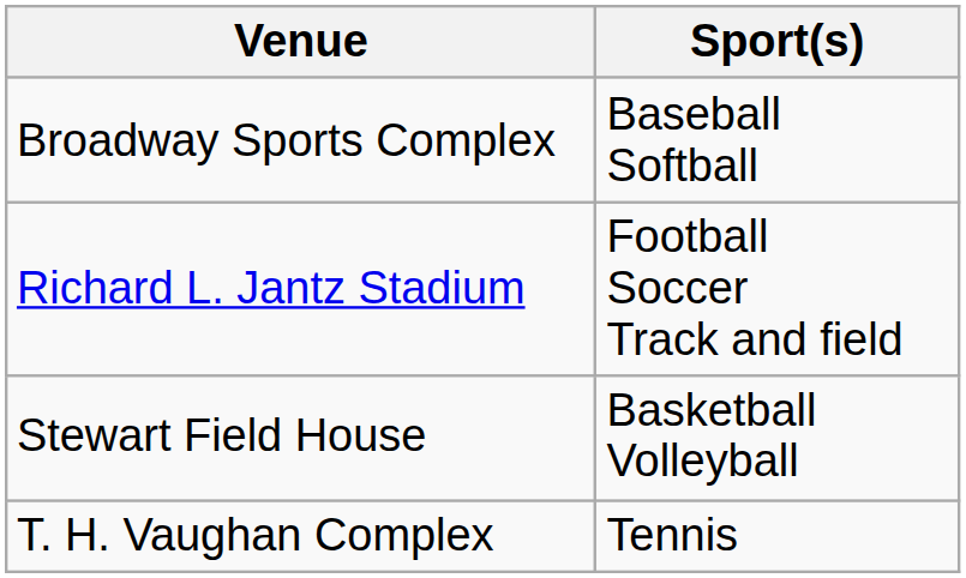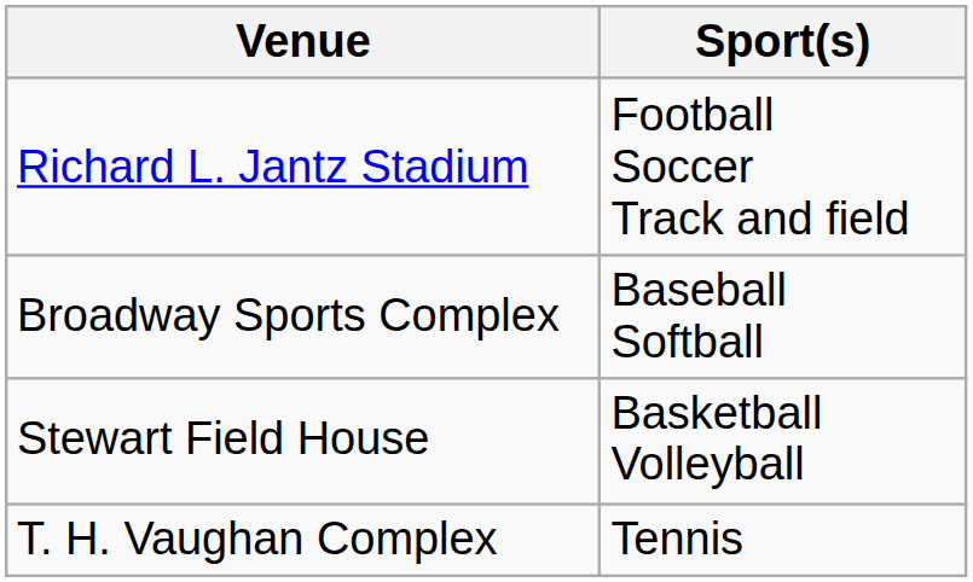 <table class="wikitable"; style= "text-align: ">
 <tr>
 <th width=200px>Venue</th>
 <th width=120px>Sport(s)</th>
 </tr>
 <tr>
+<td><a href='#'>Richard L. Jantz Stadium</a></td>
+<td>Football <br> Soccer <br> Track and field</td>
+</tr>
+<tr>
 <td>Broadway Sports Complex</td>
 <td>Baseball <br> Softball</td>
-</tr>
-<tr>
-<td><a href='#'>Richard L. Jantz Stadium</a></td>
-<td>Football <br> Soccer <br> Track and field</td>
 </tr>
 <tr>
 <td>Stewart Field House</td>
 <td>Basketball <br> Volleyball</td>
 </tr>
 <tr>
 <td>T. H. Vaughan Complex</td>
 <td>Tennis</td>
 </tr>
 </table>
